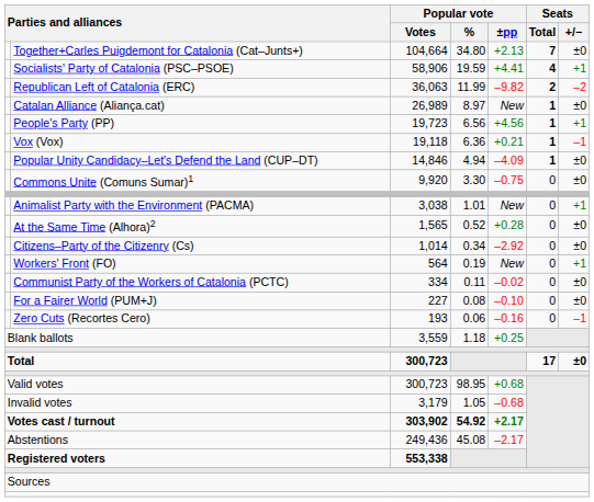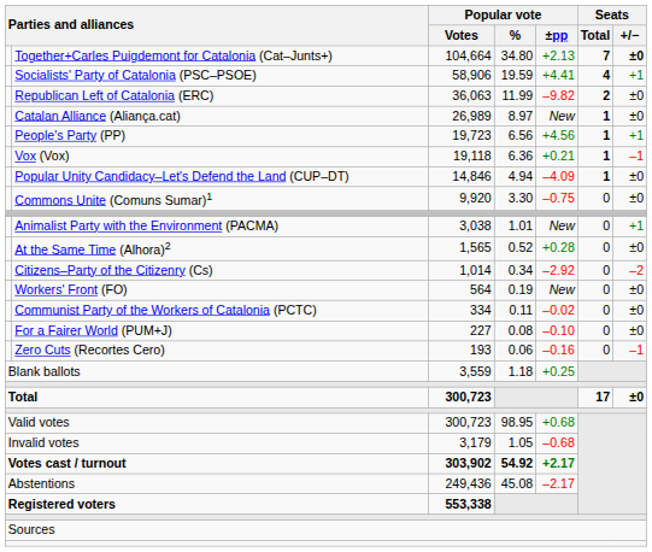 <table class="wikitable" style="text-align:right;">
 <tr>
 <th style="text-align:left;" rowspan="2" colspan="2" width="525">Parties and alliances</th>
 <th colspan="3">Popular vote</th>
 <th colspan="2">Seats</th>
 </tr>
 <tr>
 <th width="75">Votes</th>
 <th width="45">%</th>
 <th width="45">±<a href='#'>pp</a></th>
 <th width="35">Total</th>
 <th width="35">+/−</th>
 </tr>
 <tr>
 <td width="1" style="color:inherit;background:"></td>
 <td align="left"><a href='#'>Together+Carles Puigdemont for Catalonia</a> (Cat–Junts+)</td>
 <td>104,664</td>
 <td>34.80</td>
 <td style="color:green;">+2.13</td>
 <td><strong>7</strong></td>
-<td>±0</td>
+<td><strong>±0</strong></td>
 </tr>
 <tr>
 <td style="color:inherit;background:"></td>
 <td align="left"><a href='#'>Socialists' Party of Catalonia</a> (PSC–PSOE)</td>
 <td>58,906</td>
 <td>19.59</td>
 <td style="color:green;">+4.41</td>
 <td><strong>4</strong></td>
 <td style="color:green;">+1</td>
 </tr>
 <tr>
 <td style="color:inherit;background:"></td>
 <td align="left"><a href='#'>Republican Left of Catalonia</a> (ERC)</td>
 <td>36,063</td>
 <td>11.99</td>
 <td style="color:red;">–9.82</td>
 <td><strong>2</strong></td>
-<td style="color:red;">–2</td>
+<td>±0</td>
 </tr>
 <tr>
 <td style="color:inherit;background:"></td>
 <td align="left"><a href='#'>Catalan Alliance</a> (Aliança.cat)</td>
 <td>26,989</td>
 <td>8.97</td>
 <td><em>New</em></td>
 <td><strong>1</strong></td>
 <td>±0</td>
 </tr>
 <tr>
 <td style="color:inherit;background:"></td>
 <td align="left"><a href='#'>People's Party</a> (PP)</td>
 <td>19,723</td>
 <td>6.56</td>
 <td style="color:green;">+4.56</td>
 <td><strong>1</strong></td>
 <td style="color:green;">+1</td>
 </tr>
 <tr>
 <td style="color:inherit;background:"></td>
 <td align="left"><a href='#'>Vox</a> (Vox)</td>
 <td>19,118</td>
 <td>6.36</td>
 <td style="color:green;">+0.21</td>
 <td><strong>1</strong></td>
 <td style="color:red;">–1</td>
 </tr>
 <tr>
 <td style="color:inherit;background:"></td>
 <td align="left"><a href='#'>Popular Unity Candidacy–Let's Defend the Land</a> (CUP–DT)</td>
 <td>14,846</td>
 <td>4.94</td>
 <td style="color:red;">–4.09</td>
 <td><strong>1</strong></td>
 <td>±0</td>
 </tr>
 <tr>
 <td style="color:inherit;background:"></td>
 <td align="left"><a href='#'>Commons Unite</a> (Comuns Sumar)<sup>1</sup></td>
 <td>9,920</td>
 <td>3.30</td>
 <td style="color:red;">–0.75</td>
 <td>0</td>
 <td>±0</td>
 </tr>
 <tr>
 <td colspan="7" bgcolor="#C0C0C0"></td>
 </tr>
 <tr>
 <td style="color:inherit;background:"></td>
 <td align="left"><a href='#'>Animalist Party with the Environment</a> (PACMA)</td>
 <td>3,038</td>
 <td>1.01</td>
 <td><em>New</em></td>
 <td>0</td>
 <td style="color:green;">+1</td>
 </tr>
 <tr>
 <td style="color:inherit;background:"></td>
 <td align="left"><a href='#'>At the Same Time</a> (Alhora)<sup>2</sup></td>
 <td>1,565</td>
 <td>0.52</td>
 <td style="color:green;">+0.28</td>
 <td>0</td>
 <td>±0</td>
 </tr>
 <tr>
 <td style="color:inherit;background:"></td>
 <td align="left"><a href='#'>Citizens–Party of the Citizenry</a> (Cs)</td>
 <td>1,014</td>
 <td>0.34</td>
 <td style="color:red;">–2.92</td>
 <td>0</td>
-<td>±0</td>
+<td style="color:red;">–2</td>
 </tr>
 <tr>
 <td style="color:inherit;background:"></td>
 <td align="left"><a href='#'>Workers' Front</a> (FO)</td>
 <td>564</td>
 <td>0.19</td>
 <td><em>New</em></td>
 <td>0</td>
-<td style="color:green;">+1</td>
+<td>±0</td>
 </tr>
 <tr>
 <td style="color:inherit;background:"></td>
 <td align="left"><a href='#'>Communist Party of the Workers of Catalonia</a> (PCTC)</td>
 <td>334</td>
 <td>0.11</td>
 <td style="color:red;">–0.02</td>
 <td>0</td>
 <td>±0</td>
 </tr>
 <tr>
 <td style="color:inherit;background:"></td>
 <td align="left"><a href='#'>For a Fairer World</a> (PUM+J)</td>
 <td>227</td>
 <td>0.08</td>
 <td style="color:red;">–0.10</td>
 <td>0</td>
 <td>±0</td>
 </tr>
 <tr>
 <td style="color:inherit;background:"></td>
 <td align="left"><a href='#'>Zero Cuts</a> (Recortes Cero)</td>
 <td>193</td>
 <td>0.06</td>
 <td style="color:red;">–0.16</td>
 <td>0</td>
 <td style="color:red;">–1</td>
 </tr>
 <tr>
 <td align="left" colspan="2">Blank ballots</td>
 <td>3,559</td>
 <td>1.18</td>
 <td style="color:green;">+0.25</td>
 <td bgcolor="#E9E9E9" colspan="2"></td>
 </tr>
 <tr>
 <td colspan="7" bgcolor="#E9E9E9"></td>
 </tr>
 <tr style="font-weight:bold;">
 <td align="left" colspan="2">Total</td>
 <td>300,723</td>
 <td bgcolor="#E9E9E9" colspan="2"></td>
 <td>17</td>
 <td>±0</td>
 </tr>
 <tr>
 <td colspan="7" bgcolor="#E9E9E9"></td>
 </tr>
 <tr>
 <td align="left" colspan="2">Valid votes</td>
 <td>300,723</td>
 <td>98.95</td>
 <td style="color:green;">+0.68</td>
 <td bgcolor="#E9E9E9" colspan="2" rowspan="5"></td>
 </tr>
 <tr>
 <td align="left" colspan="2">Invalid votes</td>
 <td>3,179</td>
 <td>1.05</td>
 <td style="color:red;">–0.68</td>
 </tr>
 <tr style="font-weight:bold;">
 <td align="left" colspan="2">Votes cast / turnout</td>
 <td>303,902</td>
 <td>54.92</td>
 <td style="color:green;">+2.17</td>
 </tr>
 <tr>
 <td align="left" colspan="2">Abstentions</td>
 <td>249,436</td>
 <td>45.08</td>
 <td style="color:red;">–2.17</td>
 </tr>
 <tr style="font-weight:bold;">
 <td align="left" colspan="2">Registered voters</td>
 <td>553,338</td>
 <td bgcolor="#E9E9E9" colspan="2"></td>
 </tr>
 <tr>
 <td colspan="7" bgcolor="#E9E9E9"></td>
 </tr>
 <tr>
 <td align="left" colspan="7">Sources</td>
 </tr>
 <tr>
 <td colspan="7" style="text-align:left; max-width:790px;"></td>
 </tr>
 </table>
